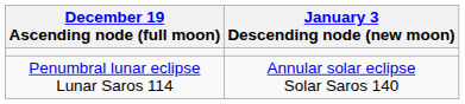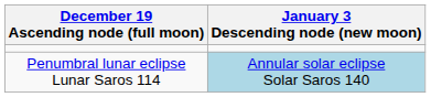 <table class="wikitable">
 <tr>
 <th><a href='#'>December 19</a><br>Ascending node (full moon)</th>
 <th><a href='#'>January 3</a><br>Descending node (new moon)</th>
 </tr>
 <tr>
 <td></td>
 <td></td>
 </tr>
 <tr align=center>
 <td><a href='#'>Penumbral lunar eclipse</a><br>Lunar Saros 114</td>
-<td><a href='#'>Annular solar eclipse</a><br>Solar Saros 140</td>
+<td style="background: lightblue;"><a href='#'>Annular solar eclipse</a><br>Solar Saros 140</td>
 </tr>
 </table>
